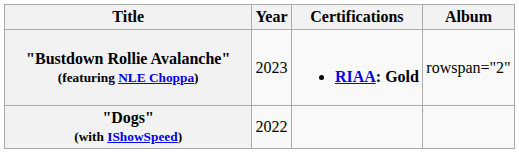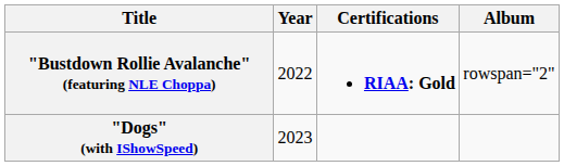 <table class="wikitable plainrowheaders" style="text-align:center;">
 <tr>
 <th scope="col" style="width:15em;">Title</th>
 <th scope="col">Year</th>
 <th>Certifications</th>
 <th scope="col">Album</th>
 </tr>
 <tr>
 <th scope="row">"Bustdown Rollie Avalanche"<br><small>(featuring <a href='#'>NLE Choppa</a>)</small></th>
-<td>2023</td>
+<td>2022</td>
 <td><strong><br><ul><li><a href='#'>RIAA</a>: Gold</li></ul></strong></td>
 <td>rowspan="2" </td>
 </tr>
 <tr>
 <th scope="row">"Dogs"<br><small>(with <a href='#'>IShowSpeed</a>)</small></th>
-<td>2022</td>
+<td>2023</td>
 <td></td>
 </tr>
 </table>
